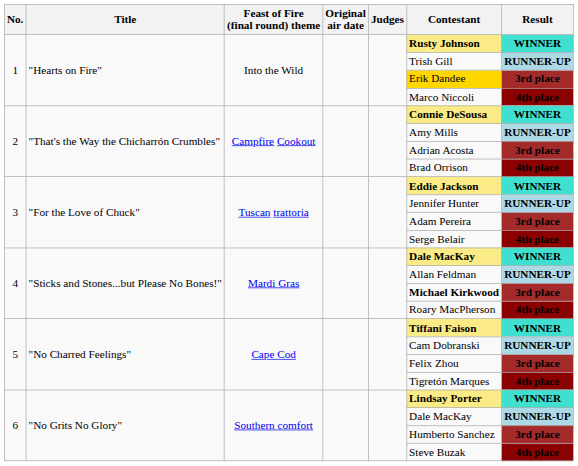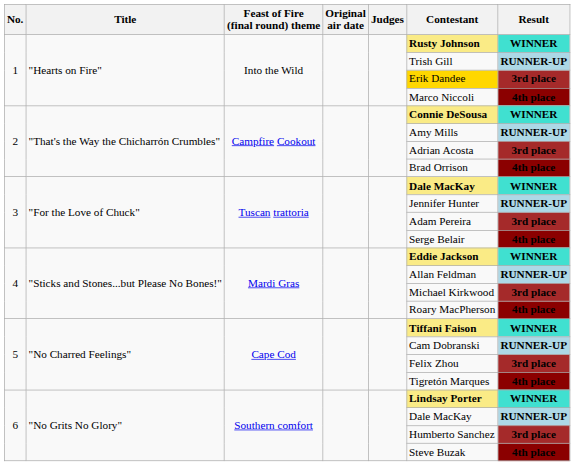 <table class="wikitable">
 <tr>
 <th>No.</th>
 <th>Title</th>
 <th>Feast of Fire<br>(final round) theme</th>
 <th>Original<br>air date</th>
 <th>Judges</th>
 <th>Contestant</th>
 <th>Result</th>
 </tr>
 <tr>
 <td rowspan=4 align=center>1</td>
 <td rowspan=4>"Hearts on Fire"</td>
 <td rowspan=4 align=center>Into the Wild</td>
 <td rowspan=4 align=center valign=center></td>
 <td rowspan=4 valign=center></td>
 <td style="background:#FAEB86"><strong>Rusty Johnson</strong></td>
 <td align=center valign=center style="background:turquoise;"><strong>WINNER</strong></td>
 </tr>
 <tr>
 <td>Trish Gill</td>
 <td align=center valign=center style="background:lightblue;"><strong>RUNNER-UP</strong></td>
 </tr>
 <tr>
 <td style="background: gold;">Erik Dandee</td>
 <td align=center valign=center style="background:brown;"><strong>3rd place</strong></td>
 </tr>
 <tr>
 <td>Marco Niccoli</td>
 <td align=center valign=center style="background:darkred;"><strong>4th place</strong></td>
 </tr>
 <tr>
 <td rowspan=4 align=center>2</td>
 <td rowspan=4>"That's the Way the Chicharrón Crumbles"</td>
 <td rowspan=4 align=center><a href='#'>Campfire</a> <a href='#'>Cookout</a></td>
 <td rowspan=4 align=center valign=center></td>
 <td rowspan=4 valign=center></td>
 <td style="background:#FAEB86"><strong>Connie DeSousa </strong></td>
 <td align=center valign=center style="background:turquoise;"><strong>WINNER</strong></td>
 </tr>
 <tr>
 <td>Amy Mills </td>
 <td align=center valign=center style="background:lightblue;"><strong>RUNNER-UP</strong></td>
 </tr>
 <tr>
 <td>Adrian Acosta</td>
 <td align=center valign=center style="background:brown;"><strong>3rd place</strong></td>
 </tr>
 <tr>
 <td>Brad Orrison</td>
 <td align=center valign=center style="background:darkred;"><strong>4th place</strong></td>
 </tr>
 <tr>
 <td rowspan=4 align=center>3</td>
 <td rowspan=4>"For the Love of Chuck"</td>
 <td rowspan=4 align=center><a href='#'>Tuscan</a> <a href='#'>trattoria</a></td>
 <td rowspan=4 align=center valign=center></td>
 <td rowspan=4 valign=center></td>
-<td style="background:#FAEB86"><strong>Eddie Jackson </strong></td>
+<td style="background:#FAEB86"><strong>Dale MacKay </strong></td>
 <td align=center valign=center style="background:turquoise;"><strong>WINNER</strong></td>
 </tr>
 <tr>
 <td>Jennifer Hunter</td>
 <td align=center valign=center style="background:lightblue;"><strong>RUNNER-UP</strong></td>
 </tr>
 <tr>
 <td>Adam Pereira</td>
 <td align=center valign=center style="background:brown;"><strong>3rd place</strong></td>
 </tr>
 <tr>
 <td>Serge Belair</td>
 <td align=center valign=center style="background:darkred;"><strong>4th place</strong></td>
 </tr>
 <tr>
 <td rowspan=4 align=center>4</td>
 <td rowspan=4>"Sticks and Stones...but Please No Bones!"</td>
 <td rowspan=4 align=center><a href='#'>Mardi Gras</a></td>
 <td rowspan=4 align=center valign=center></td>
 <td rowspan=4 valign=center></td>
-<td style="background:#FAEB86"><strong>Dale MacKay </strong></td>
+<td style="background:#FAEB86"><strong>Eddie Jackson </strong></td>
 <td align=center valign=center style="background:turquoise;"><strong>WINNER</strong></td>
 </tr>
 <tr>
 <td>Allan Feldman</td>
 <td align=center valign=center style="background:lightblue;"><strong>RUNNER-UP</strong></td>
 </tr>
 <tr>
-<td><strong>Michael Kirkwood</strong></td>
+<td>Michael Kirkwood</td>
 <td align=center valign=center style="background:brown;"><strong>3rd place</strong></td>
 </tr>
 <tr>
 <td>Roary MacPherson</td>
 <td align=center valign=center style="background:darkred;"><strong>4th place</strong></td>
 </tr>
 <tr>
 <td rowspan=4 align=center>5</td>
 <td rowspan=4>"No Charred Feelings"</td>
 <td rowspan=4 align=center><a href='#'>Cape Cod</a></td>
 <td rowspan=4 align=center valign=center></td>
 <td rowspan=4 valign=center></td>
 <td style="background:#FAEB86"><strong>Tiffani Faison </strong></td>
 <td align=center valign=center style="background:turquoise;"><strong>WINNER</strong></td>
 </tr>
 <tr>
 <td>Cam Dobranski</td>
 <td align=center valign=center style="background:lightblue;"><strong>RUNNER-UP</strong></td>
 </tr>
 <tr>
 <td>Felix Zhou</td>
 <td align=center valign=center style="background:brown;"><strong>3rd place</strong></td>
 </tr>
 <tr>
 <td>Tigretón Marques</td>
 <td align=center valign=center style="background:darkred;"><strong>4th place</strong></td>
 </tr>
 <tr>
 <td rowspan=4 align=center>6</td>
 <td rowspan=4>"No Grits No Glory"</td>
 <td rowspan=4 align=center><a href='#'>Southern comfort</a></td>
 <td rowspan=4 align=center valign=center></td>
 <td rowspan=4 valign=center></td>
 <td style="background:#FAEB86"><strong>Lindsay Porter</strong></td>
 <td align=center valign=center style="background:turquoise;"><strong>WINNER</strong></td>
 </tr>
 <tr>
 <td>Dale MacKay </td>
 <td align=center valign=center style="background:lightblue;"><strong>RUNNER-UP</strong></td>
 </tr>
 <tr>
 <td>Humberto Sanchez</td>
 <td align=center valign=center style="background:brown;"><strong>3rd place</strong></td>
 </tr>
 <tr>
 <td>Steve Buzak</td>
 <td align=center valign=center style="background:darkred;"><strong>4th place</strong></td>
 </tr>
 </table>
